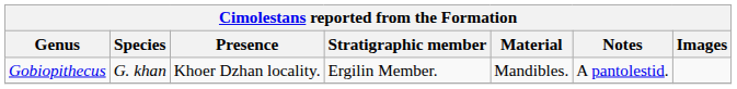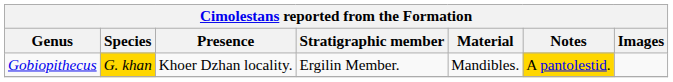 <table class="wikitable" align="center">
 <tr>
 <th colspan="7" align="center"><strong><a href='#'>Cimolestans</a> reported from the Formation</strong></th>
 </tr>
 <tr>
 <th>Genus</th>
 <th>Species</th>
 <th>Presence</th>
 <th><strong>Stratigraphic member</strong></th>
 <th><strong>Material</strong></th>
 <th>Notes</th>
 <th>Images</th>
 </tr>
 <tr>
 <td><em><a href='#'>Gobiopithecus</a></em></td>
-<td><em>G. khan</em></td>
+<td style="background: gold;"><em>G. khan</em></td>
 <td>Khoer Dzhan locality.</td>
 <td>Ergilin Member.</td>
 <td>Mandibles.</td>
-<td>A <a href='#'>pantolestid</a>.</td>
+<td style="background: gold;">A <a href='#'>pantolestid</a>.</td>
 <td></td>
 </tr>
 <tr>
 </tr>
 </table>
